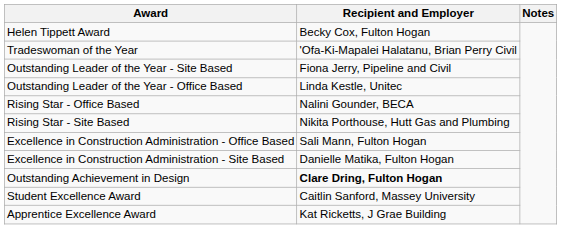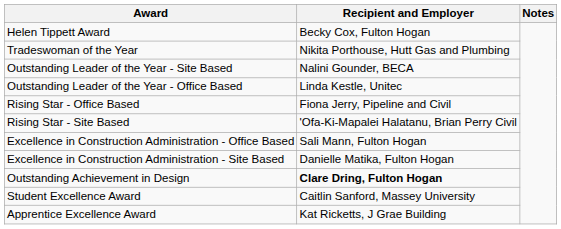 <table class="wikitable">
 <tr>
 <th>Award</th>
 <th>Recipient and Employer</th>
 <th>Notes</th>
 </tr>
 <tr>
 <td>Helen Tippett Award</td>
 <td>Becky Cox, Fulton Hogan</td>
 <td rowspan="11"></td>
 </tr>
 <tr>
 <td>Tradeswoman of the Year</td>
-<td>'Ofa-Ki-Mapalei Halatanu, Brian Perry Civil</td>
+<td>Nikita Porthouse, Hutt Gas and Plumbing</td>
 </tr>
 <tr>
 <td>Outstanding Leader of the Year - Site Based</td>
-<td>Fiona Jerry, Pipeline and Civil</td>
+<td>Nalini Gounder, BECA</td>
 </tr>
 <tr>
 <td>Outstanding Leader of the Year - Office Based</td>
 <td>Linda Kestle, Unitec</td>
 </tr>
 <tr>
 <td>Rising Star - Office Based</td>
-<td>Nalini Gounder, BECA</td>
+<td>Fiona Jerry, Pipeline and Civil</td>
 </tr>
 <tr>
 <td>Rising Star - Site Based</td>
-<td>Nikita Porthouse, Hutt Gas and Plumbing</td>
+<td>'Ofa-Ki-Mapalei Halatanu, Brian Perry Civil</td>
 </tr>
 <tr>
 <td>Excellence in Construction Administration - Office Based</td>
 <td>Sali Mann, Fulton Hogan</td>
 </tr>
 <tr>
 <td>Excellence in Construction Administration - Site Based</td>
 <td>Danielle Matika, Fulton Hogan</td>
 </tr>
 <tr>
 <td>Outstanding Achievement in Design</td>
 <td><strong>Clare Dring, Fulton Hogan</strong></td>
 </tr>
 <tr>
 <td>Student Excellence Award</td>
 <td>Caitlin Sanford, Massey University</td>
 </tr>
 <tr>
 <td>Apprentice Excellence Award</td>
 <td>Kat Ricketts, J Grae Building</td>
 </tr>
 </table>
